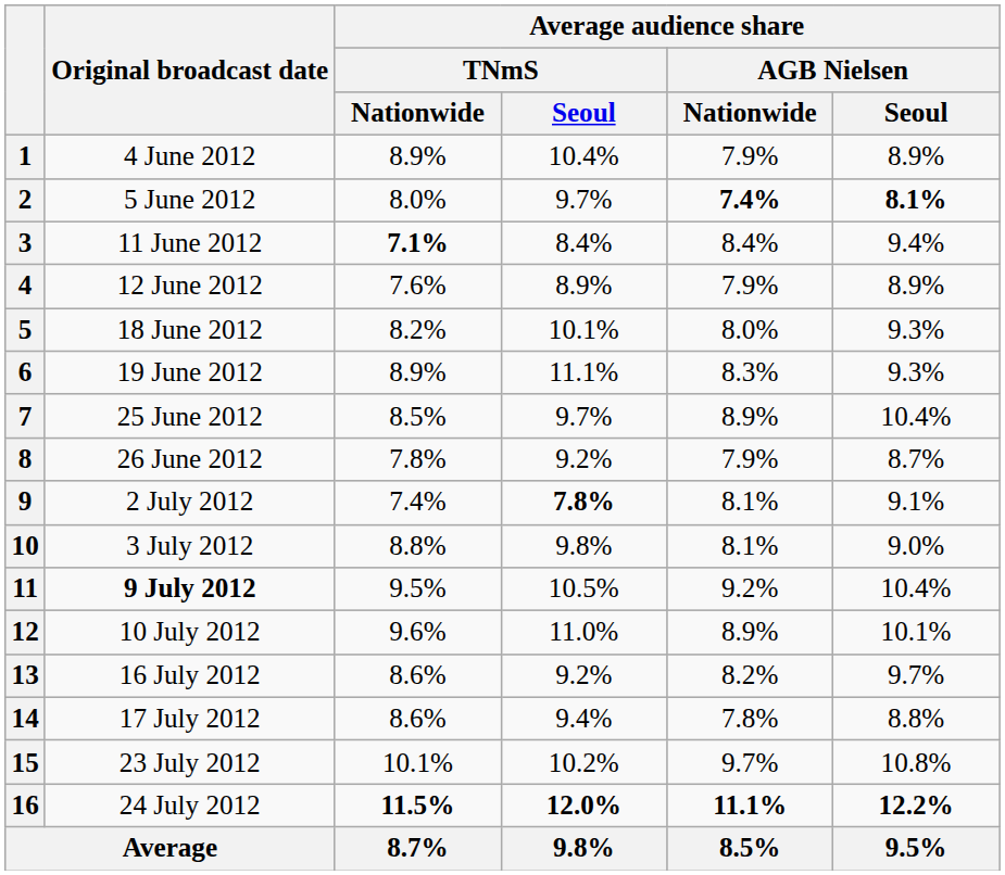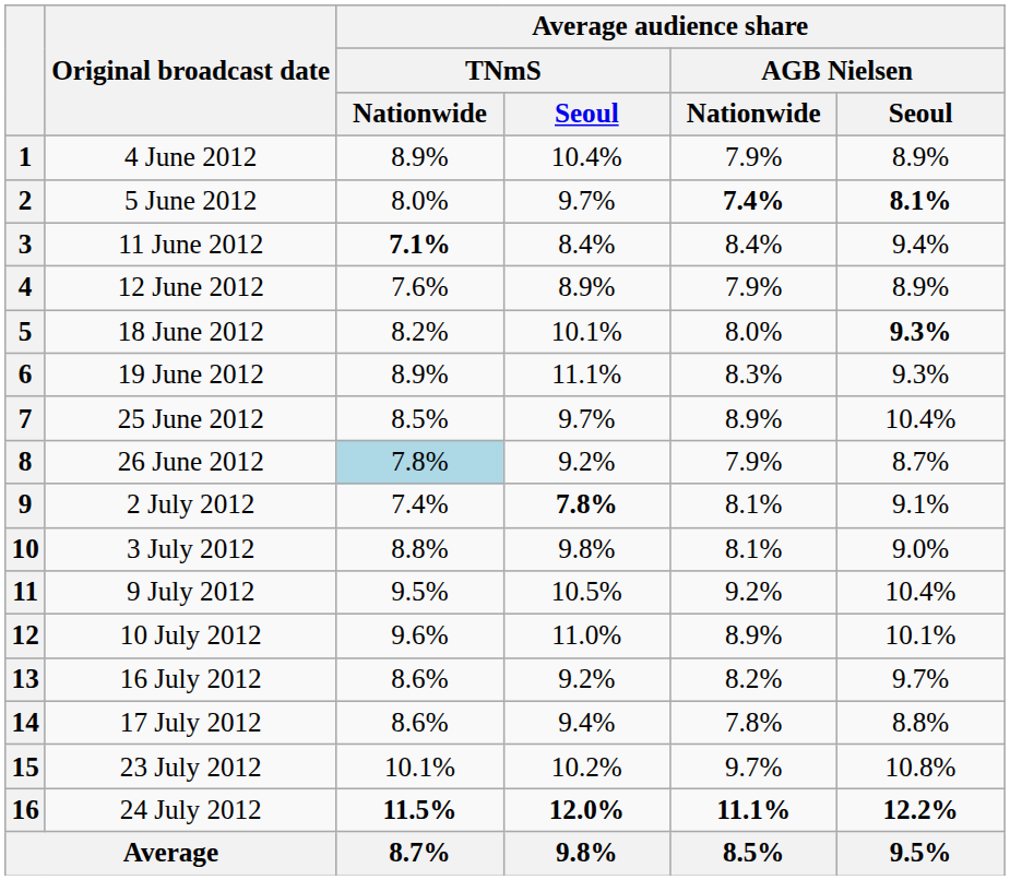 <table class=wikitable style="text-align:center">
 <tr>
 <th rowspan="3"></th>
 <th rowspan="3">Original broadcast date</th>
 <th colspan="4">Average audience share</th>
 </tr>
 <tr>
 <th colspan="2">TNmS</th>
 <th colspan="2">AGB Nielsen</th>
 </tr>
 <tr>
 <th width=90>Nationwide</th>
 <th width=90><a href='#'>Seoul</a></th>
 <th width=90>Nationwide</th>
 <th width=90>Seoul</th>
 </tr>
 <tr>
 <th>1</th>
 <td>4 June 2012</td>
 <td>8.9%</td>
 <td>10.4%</td>
 <td>7.9%</td>
 <td>8.9%</td>
 </tr>
 <tr>
 <th>2</th>
 <td>5 June 2012</td>
 <td>8.0%</td>
 <td>9.7%</td>
 <td><span> <strong>7.4%</strong></span></td>
 <td><span> <strong>8.1%</strong></span></td>
 </tr>
 <tr>
 <th>3</th>
 <td>11 June 2012</td>
 <td><span> <strong>7.1%</strong></span></td>
 <td>8.4%</td>
 <td>8.4%</td>
 <td>9.4%</td>
 </tr>
 <tr>
 <th>4</th>
 <td>12 June 2012</td>
 <td>7.6%</td>
 <td>8.9%</td>
 <td>7.9%</td>
 <td>8.9%</td>
 </tr>
 <tr>
 <th>5</th>
 <td>18 June 2012</td>
 <td>8.2%</td>
 <td>10.1%</td>
 <td>8.0%</td>
-<td>9.3%</td>
+<td><strong>9.3%</strong></td>
 </tr>
 <tr>
 <th>6</th>
 <td>19 June 2012</td>
 <td>8.9%</td>
 <td>11.1%</td>
 <td>8.3%</td>
 <td>9.3%</td>
 </tr>
 <tr>
 <th>7</th>
 <td>25 June 2012</td>
 <td>8.5%</td>
 <td>9.7%</td>
 <td>8.9%</td>
 <td>10.4%</td>
 </tr>
 <tr>
 <th>8</th>
 <td>26 June 2012</td>
-<td>7.8%</td>
+<td style="background: lightblue;">7.8%</td>
 <td>9.2%</td>
 <td>7.9%</td>
 <td>8.7%</td>
 </tr>
 <tr>
 <th>9</th>
 <td>2 July 2012</td>
 <td>7.4%</td>
 <td><span> <strong>7.8%</strong></span></td>
 <td>8.1%</td>
 <td>9.1%</td>
 </tr>
 <tr>
 <th>10</th>
 <td>3 July 2012</td>
 <td>8.8%</td>
 <td>9.8%</td>
 <td>8.1%</td>
 <td>9.0%</td>
 </tr>
 <tr>
 <th>11</th>
-<td><strong>9 July 2012</strong></td>
+<td>9 July 2012</td>
 <td>9.5%</td>
 <td>10.5%</td>
 <td>9.2%</td>
 <td>10.4%</td>
 </tr>
 <tr>
 <th>12</th>
 <td>10 July 2012</td>
 <td>9.6%</td>
 <td>11.0%</td>
 <td>8.9%</td>
 <td>10.1%</td>
 </tr>
 <tr>
 <th>13</th>
 <td>16 July 2012</td>
 <td>8.6%</td>
 <td>9.2%</td>
 <td>8.2%</td>
 <td>9.7%</td>
 </tr>
 <tr>
 <th>14</th>
 <td>17 July 2012</td>
 <td>8.6%</td>
 <td>9.4%</td>
 <td>7.8%</td>
 <td>8.8%</td>
 </tr>
 <tr>
 <th>15</th>
 <td>23 July 2012</td>
 <td>10.1%</td>
 <td>10.2%</td>
 <td>9.7%</td>
 <td>10.8%</td>
 </tr>
 <tr>
 <th>16</th>
 <td>24 July 2012</td>
 <td><span> <strong>11.5%</strong></span></td>
 <td><span> <strong>12.0%</strong></span></td>
 <td><span> <strong>11.1%</strong></span></td>
 <td><span> <strong>12.2%</strong></span></td>
 </tr>
 <tr align=center>
 <th colspan="2">Average</th>
 <th><span> 8.7%</span></th>
 <th><span> 9.8%</span></th>
 <th><span> 8.5%</span></th>
 <th><span> 9.5%</span></th>
 </tr>
 </table>
